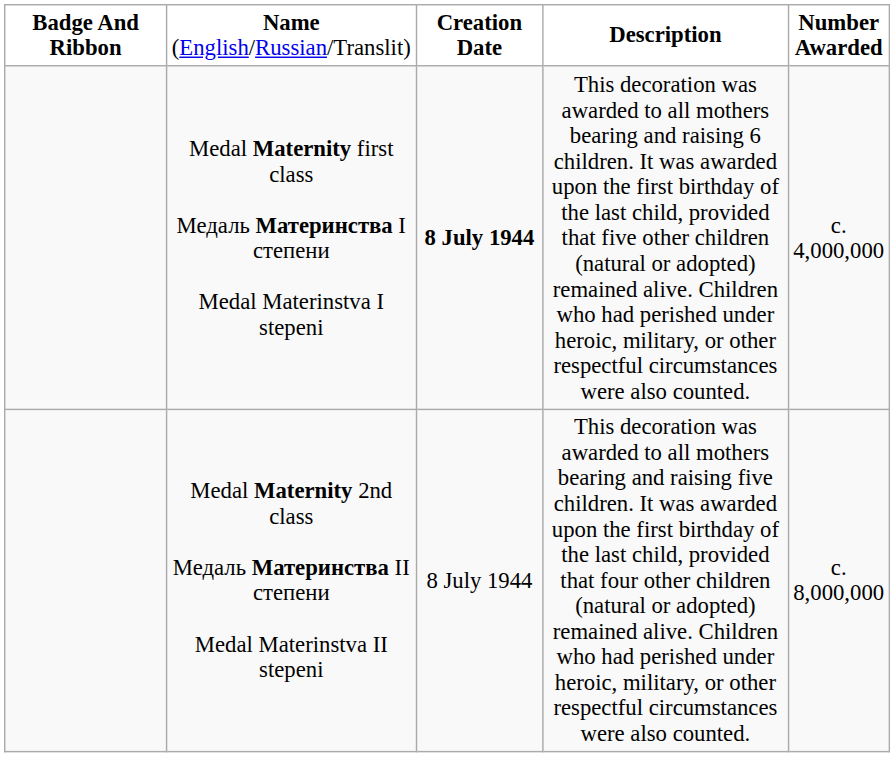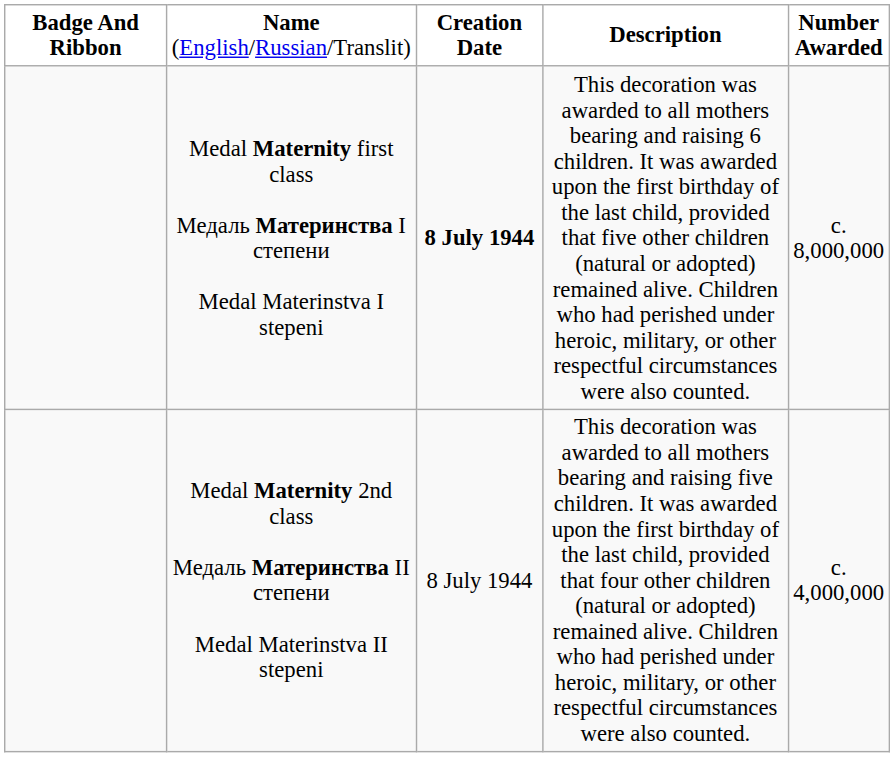 <table class="wikitable" width="100%" style="text-align:center;">
 <tr>
 <td width="20%" bgcolor="#FFFFFF"><strong>Badge And Ribbon</strong></td>
 <td width="25%" bgcolor="#FFFFFF"><strong>Name</strong> (<a href='#'>English</a>/<a href='#'>Russian</a>/Translit)</td>
 <td width="15%" bgcolor="#FFFFFF"><strong>Creation Date</strong></td>
 <td width="30%" bgcolor="#FFFFFF"><strong>Description</strong></td>
 <td width="10%" bgcolor="#FFFFFF"><strong>Number Awarded</strong></td>
 </tr>
 <tr>
 <td></td>
 <td>Medal <strong>Maternity</strong> first class<br><br>Медаль <strong>Материнства</strong> I степени<br><br>Medal Materinstva I stepeni</td>
 <td><strong>8 July 1944</strong></td>
 <td>This decoration was awarded to all mothers bearing and raising 6 children. It was awarded upon the first birthday of the last child, provided that five other children (natural or adopted) remained alive. Children who had perished under heroic, military, or other respectful circumstances were also counted.</td>
-<td>c. 4,000,000</td>
+<td>c. 8,000,000</td>
 </tr>
 <tr>
 <td></td>
 <td>Medal <strong>Maternity</strong> 2nd class<br><br>Медаль <strong>Материнства</strong> II степени<br><br>Medal Materinstva II stepeni</td>
 <td>8 July 1944</td>
 <td>This decoration was awarded to all mothers bearing and raising five children. It was awarded upon the first birthday of the last child, provided that four other children (natural or adopted) remained alive. Children who had perished under heroic, military, or other respectful circumstances were also counted.</td>
-<td>c. 8,000,000</td>
+<td>c. 4,000,000</td>
 </tr>
 </table>
